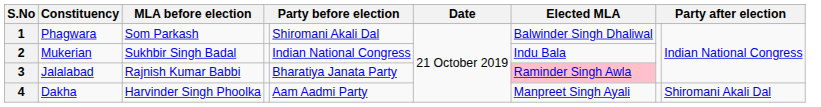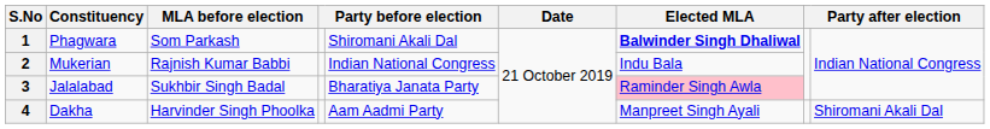 <table class="wikitable sortable">
 <tr>
 <th>S.No</th>
 <th>Constituency</th>
 <th>MLA before election</th>
 <th colspan="2">Party before election</th>
 <th>Date</th>
 <th>Elected MLA</th>
 <th colspan="2">Party after election</th>
 </tr>
 <tr>
 <th>1</th>
 <td><a href='#'>Phagwara</a></td>
 <td><a href='#'>Som Parkash</a></td>
 <td style="background-color:"></td>
 <td><a href='#'>Shiromani Akali Dal</a></td>
 <td rowspan="4">21 October 2019</td>
-<td><a href='#'>Balwinder Singh Dhaliwal</a></td>
+<td><strong><a href='#'>Balwinder Singh Dhaliwal</a></strong></td>
 <td rowspan="3" style="background-color: "></td>
 <td rowspan="3"><a href='#'>Indian National Congress</a></td>
 </tr>
 <tr>
 <th>2</th>
 <td><a href='#'>Mukerian</a></td>
-<td><a href='#'>Sukhbir Singh Badal</a></td>
+<td><a href='#'>Rajnish Kumar Babbi</a></td>
 <td style="background-color: "></td>
 <td><a href='#'>Indian National Congress</a></td>
 <td><a href='#'>Indu Bala</a></td>
 </tr>
 <tr>
 <th>3</th>
 <td><a href='#'>Jalalabad</a></td>
-<td><a href='#'>Rajnish Kumar Babbi</a></td>
+<td><a href='#'>Sukhbir Singh Badal</a></td>
 <td style="background-color:"></td>
 <td><a href='#'>Bharatiya Janata Party</a></td>
 <td style="background: pink;"><a href='#'>Raminder Singh Awla</a></td>
 </tr>
 <tr>
 <th>4</th>
 <td><a href='#'>Dakha</a></td>
 <td><a href='#'>Harvinder Singh Phoolka</a></td>
 <td style="background-color: "></td>
 <td><a href='#'>Aam Aadmi Party</a></td>
 <td><a href='#'>Manpreet Singh Ayali</a></td>
 <td style="background-color:"></td>
 <td><a href='#'>Shiromani Akali Dal</a></td>
 </tr>
 </table>
